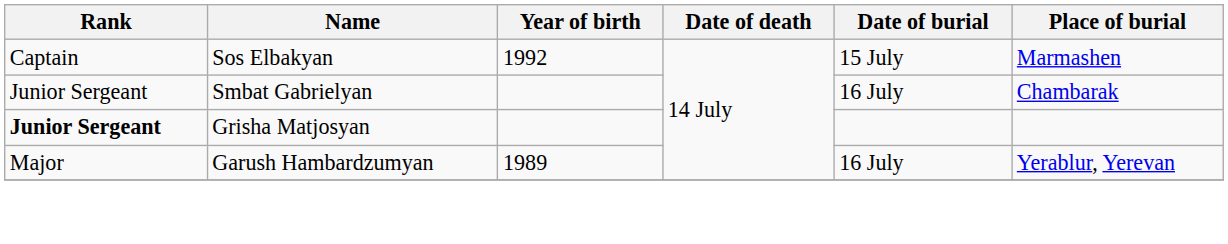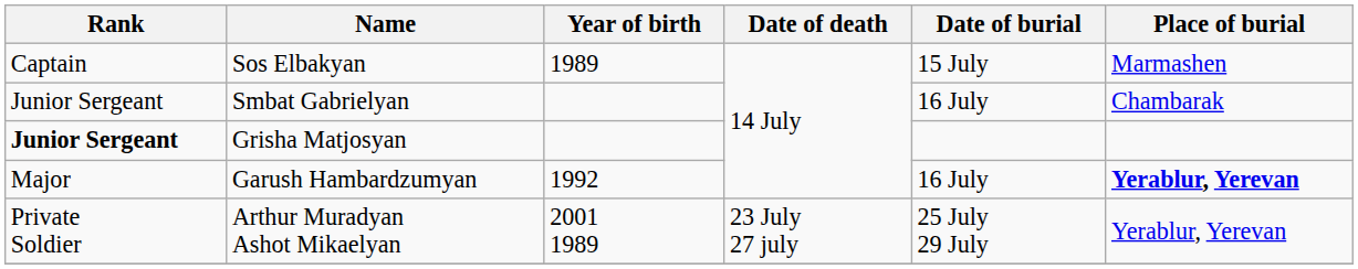 <table class="wikitable sortable" width=100%>
 <tr>
 <th>Rank</th>
 <th>Name</th>
 <th>Year of birth</th>
 <th>Date of death</th>
 <th>Date of burial</th>
 <th>Place of burial</th>
 </tr>
 <tr>
 <td>Captain</td>
 <td>Sos Elbakyan</td>
-<td>1992</td>
+<td>1989</td>
 <td rowspan="4">14 July</td>
 <td>15 July</td>
 <td><a href='#'>Marmashen</a></td>
 </tr>
 <tr>
 <td>Junior Sergeant</td>
 <td>Smbat Gabrielyan</td>
 <td></td>
 <td>16 July</td>
 <td><a href='#'>Chambarak</a></td>
 </tr>
 <tr>
 <td><strong>Junior Sergeant</strong></td>
 <td>Grisha Matjosyan</td>
 <td></td>
 <td></td>
 <td></td>
 </tr>
 <tr>
 <td>Major</td>
 <td>Garush Hambardzumyan</td>
-<td>1989</td>
+<td>1992</td>
 <td>16 July</td>
+<td><strong><a href='#'>Yerablur</a>, <a href='#'>Yerevan</a></strong></td>
+</tr>
+<tr>
+<td>Private<br>Soldier</td>
+<td>Arthur Muradyan<br>Ashot Mikaelyan</td>
+<td>2001<br>1989</td>
+<td>23 July<br>27 july</td>
+<td>25 July<br>29 July</td>
 <td><a href='#'>Yerablur</a>, <a href='#'>Yerevan</a></td>
 </tr>
 <tr>
 </tr>
 </table>
